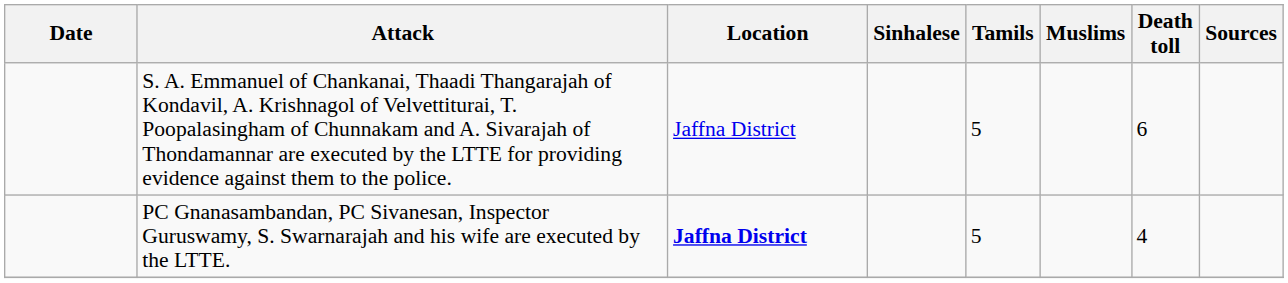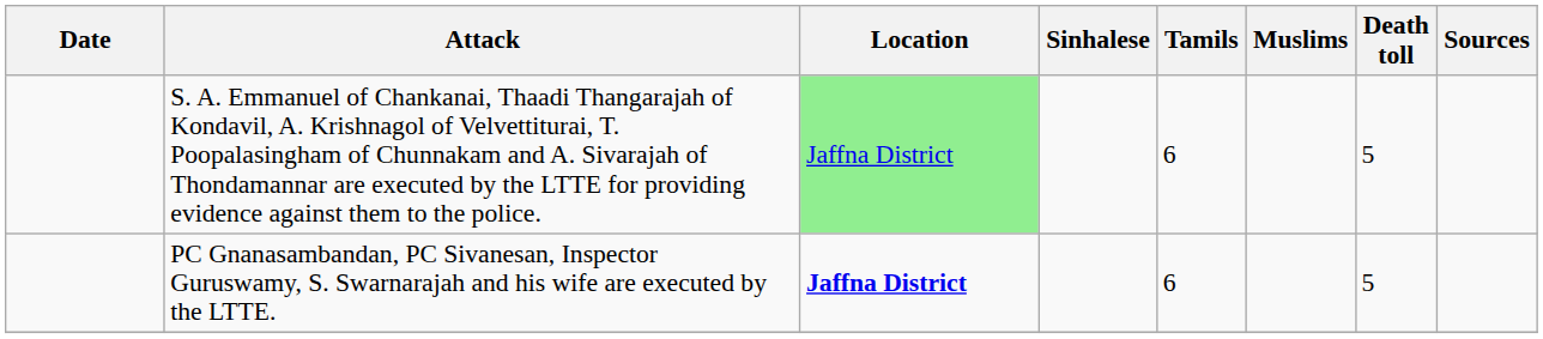 <table class="wikitable" style="width:75%;">
 <tr>
 <th width="10%">Date</th>
 <th width="40%">Attack</th>
 <th width="15%">Location</th>
 <th width="5%">Sinhalese</th>
 <th width="5%">Tamils</th>
 <th width="5%">Muslims</th>
 <th width="5%">Death toll</th>
 <th width="5%">Sources</th>
 </tr>
 <tr>
 <td></td>
 <td>S. A. Emmanuel of Chankanai, Thaadi Thangarajah of Kondavil, A. Krishnagol of Velvettiturai, T. Poopalasingham of Chunnakam and A. Sivarajah of Thondamannar are executed by the LTTE for providing evidence against them to the police.</td>
-<td><a href='#'>Jaffna District</a></td>
+<td style="background: lightgreen;"><a href='#'>Jaffna District</a></td>
+<td></td>
+<td>6</td>
 <td></td>
 <td>5</td>
-<td></td>
-<td>6</td>
 <td></td>
 </tr>
 <tr>
 <td></td>
 <td>PC Gnanasambandan, PC Sivanesan, Inspector Guruswamy, S. Swarnarajah and his wife are executed by the LTTE.</td>
 <td><strong><a href='#'>Jaffna District</a></strong></td>
 <td></td>
+<td>6</td>
+<td></td>
 <td>5</td>
-<td></td>
-<td>4</td>
 <td></td>
 </tr>
 <tr>
 </tr>
 </table>
